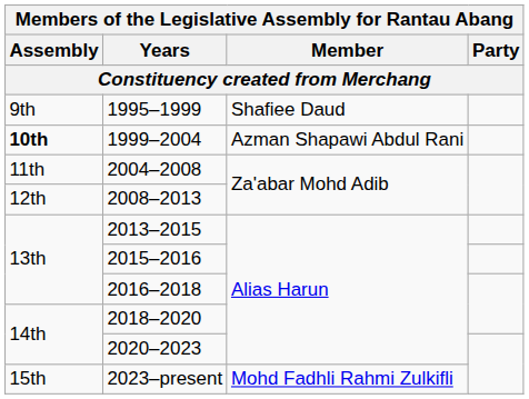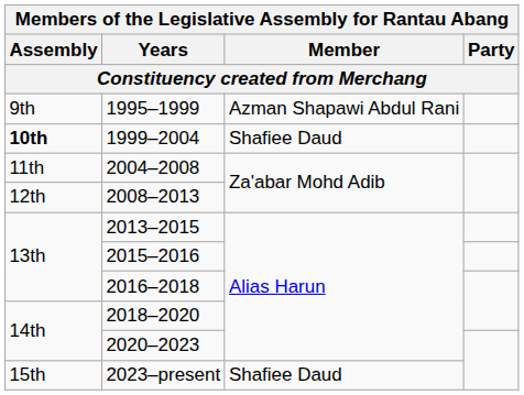 <table class="wikitable">
 <tr>
 <th colspan="4">Members of the Legislative Assembly for Rantau Abang</th>
 </tr>
 <tr>
 <th>Assembly</th>
 <th>Years</th>
 <th>Member</th>
 <th>Party</th>
 </tr>
 <tr>
 <th colspan="4" align="center"><em>Constituency created from Merchang</em></th>
 </tr>
 <tr>
 <td>9th</td>
 <td>1995–1999</td>
-<td>Shafiee Daud</td>
+<td>Azman Shapawi Abdul Rani</td>
 <td></td>
 </tr>
 <tr>
 <td><strong>10th</strong></td>
 <td>1999–2004</td>
-<td>Azman Shapawi Abdul Rani</td>
+<td>Shafiee Daud</td>
 <td></td>
 </tr>
 <tr>
 <td>11th</td>
 <td>2004–2008</td>
 <td rowspan="2">Za'abar Mohd Adib</td>
 <td rowspan="2"></td>
 </tr>
 <tr>
 <td>12th</td>
 <td>2008–2013</td>
 </tr>
 <tr>
 <td rowspan=3>13th</td>
 <td>2013–2015</td>
 <td rowspan=5><a href='#'>Alias Harun</a></td>
 <td></td>
 </tr>
 <tr>
 <td>2015–2016</td>
 <td></td>
 </tr>
 <tr>
 <td>2016–2018</td>
 <td rowspan=2></td>
 </tr>
 <tr>
 <td rowspan=2>14th</td>
 <td>2018–2020</td>
 </tr>
 <tr>
 <td>2020–2023</td>
 <td rowspan=2></td>
 </tr>
 <tr>
 <td>15th</td>
 <td>2023–present</td>
-<td><a href='#'>Mohd Fadhli Rahmi Zulkifli</a></td>
+<td>Shafiee Daud</td>
 </tr>
 </table>
